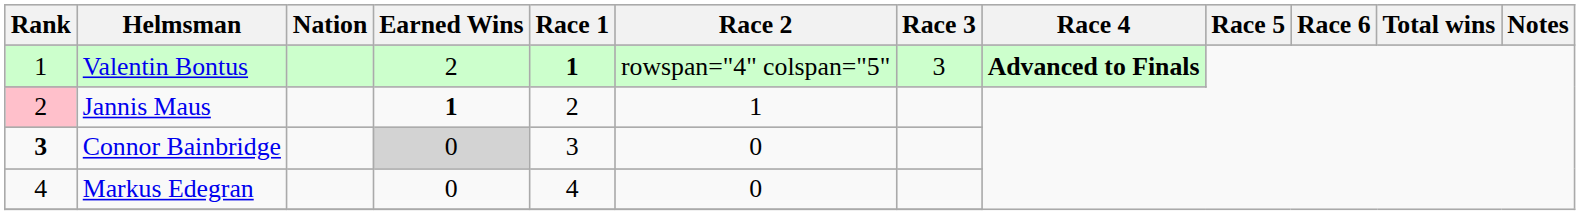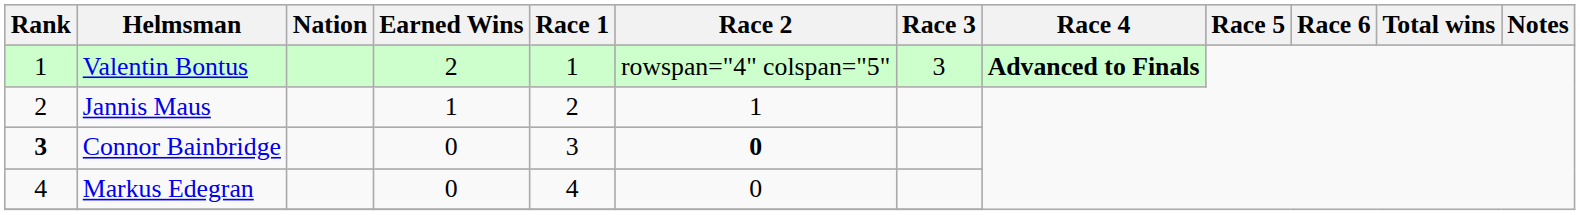 <table class="wikitable sortable" style="text-align:center">
 <tr>
 <th>Rank</th>
 <th>Helmsman</th>
 <th>Nation</th>
 <th>Earned Wins</th>
 <th>Race 1</th>
 <th>Race 2</th>
 <th>Race 3</th>
 <th>Race 4</th>
 <th>Race 5</th>
 <th>Race 6</th>
 <th>Total wins</th>
 <th>Notes</th>
 </tr>
 <tr bgcolor=ccffcc>
 <td>1</td>
 <td align="left"><a href='#'>Valentin Bontus</a></td>
 <td align="left"></td>
 <td>2</td>
-<td><strong>1</strong></td>
+<td>1</td>
 <td>rowspan="4" colspan="5" </td>
 <td>3</td>
 <td><strong>Advanced to Finals</strong></td>
 </tr>
 <tr>
-<td style="background: pink;">2</td>
+<td>2</td>
 <td align="left"><a href='#'>Jannis Maus</a></td>
 <td align="left"></td>
-<td><strong>1</strong></td>
+<td>1</td>
 <td>2</td>
 <td>1</td>
 <td></td>
 </tr>
 <tr>
 <td><strong>3</strong></td>
 <td align="left"><a href='#'>Connor Bainbridge</a></td>
 <td align="left"></td>
-<td style="background: lightgrey;">0</td>
+<td>0</td>
 <td>3</td>
-<td>0</td>
+<td><strong>0</strong></td>
 <td></td>
 </tr>
 <tr>
 <td>4</td>
 <td align="left"><a href='#'>Markus Edegran</a></td>
 <td align="left"></td>
 <td>0</td>
 <td>4</td>
 <td>0</td>
 <td></td>
 </tr>
 <tr>
 </tr>
 </table>
